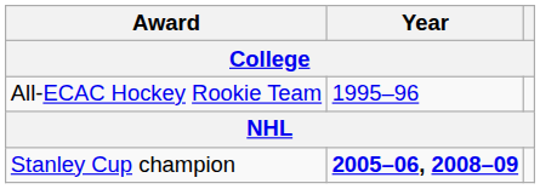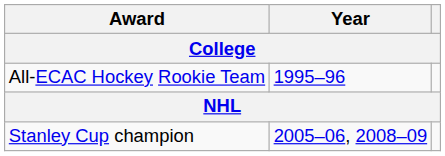 <table class="wikitable">
 <tr>
 <th>Award</th>
 <th>Year</th>
 <th></th>
 </tr>
 <tr>
 <th colspan="3"><a href='#'>College</a></th>
 </tr>
 <tr>
 <td>All-<a href='#'>ECAC Hockey</a> <a href='#'>Rookie Team</a></td>
 <td><a href='#'>1995–96</a></td>
 <td></td>
 </tr>
 <tr>
 <th colspan="3"><a href='#'>NHL</a></th>
 </tr>
 <tr>
 <td><a href='#'>Stanley Cup</a>  champion</td>
-<td><strong><a href='#'>2005–06</a>, <a href='#'>2008–09</a></strong></td>
+<td><a href='#'>2005–06</a>, <a href='#'>2008–09</a></td>
 <td></td>
 </tr>
 </table>
